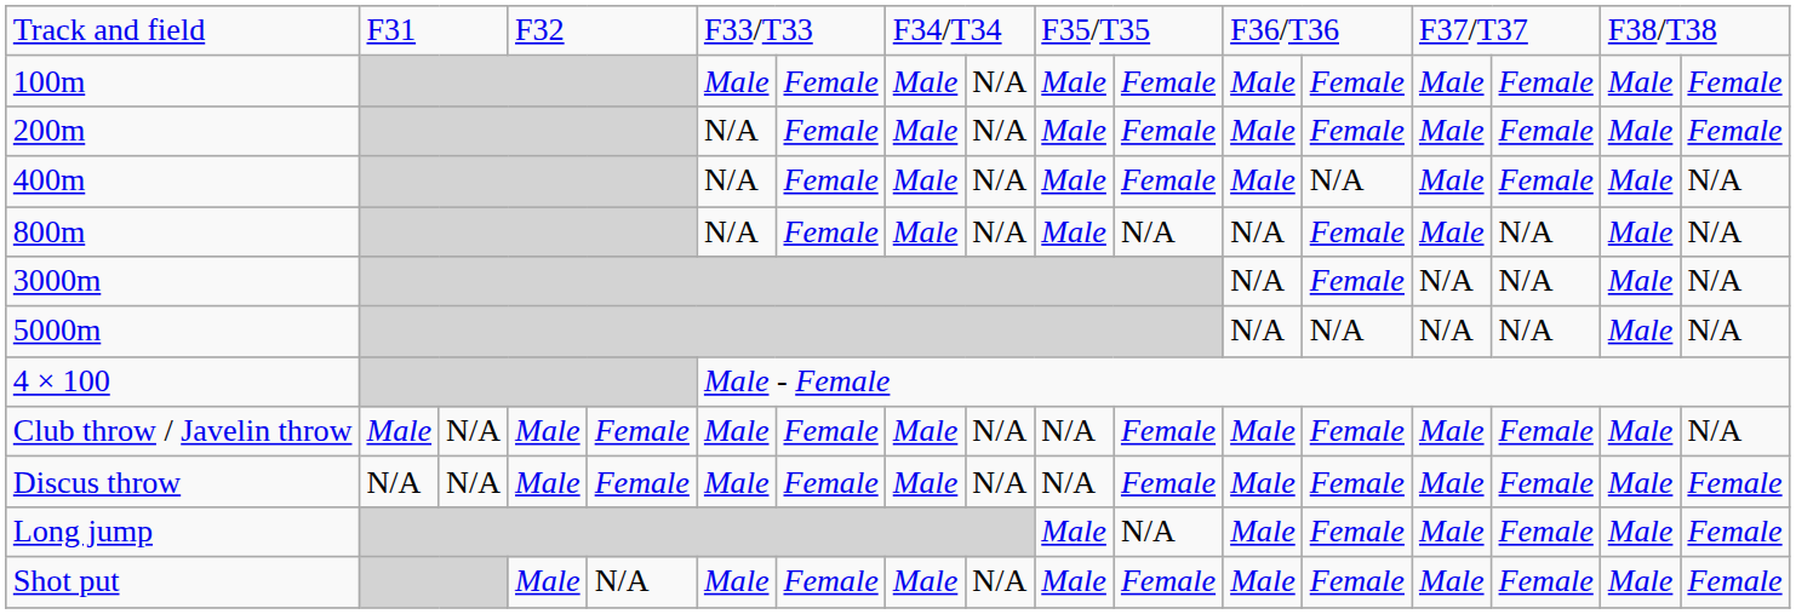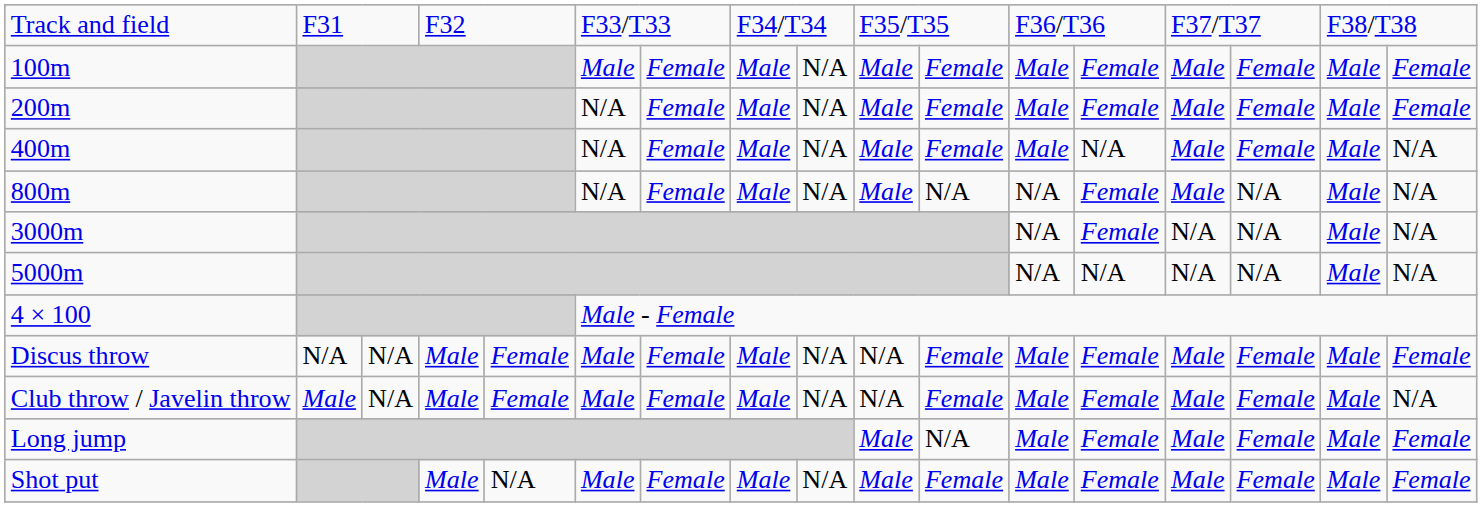 <table class="wikitable">
 <tr>
 <td><a href='#'>Track and field</a></td>
 <td colspan="2"><a href='#'>F31</a></td>
 <td colspan="2"><a href='#'>F32</a></td>
 <td colspan="2"><a href='#'>F33</a>/<a href='#'>T33</a></td>
 <td colspan="2"><a href='#'>F34</a>/<a href='#'>T34</a></td>
 <td colspan="2"><a href='#'>F35</a>/<a href='#'>T35</a></td>
 <td colspan="2"><a href='#'>F36</a>/<a href='#'>T36</a></td>
 <td colspan="2"><a href='#'>F37</a>/<a href='#'>T37</a></td>
 <td colspan="2"><a href='#'>F38</a>/<a href='#'>T38</a></td>
 </tr>
 <tr>
 <td><a href='#'>100m</a></td>
 <td colspan="4" style="background-color:lightgrey;"></td>
 <td><em><a href='#'>Male</a></em></td>
 <td><em><a href='#'>Female</a></em></td>
 <td><em><a href='#'>Male</a></em></td>
 <td>N/A</td>
 <td><em><a href='#'>Male</a></em></td>
 <td><em><a href='#'>Female</a></em></td>
 <td><em><a href='#'>Male</a></em></td>
 <td><em><a href='#'>Female</a></em></td>
 <td><em><a href='#'>Male</a></em></td>
 <td><em><a href='#'>Female</a></em></td>
 <td><em><a href='#'>Male</a></em></td>
 <td><em><a href='#'>Female</a></em></td>
 </tr>
 <tr>
 <td><a href='#'>200m</a></td>
 <td colspan="4" style="background-color:lightgrey;"></td>
 <td>N/A</td>
 <td><em><a href='#'>Female</a></em></td>
 <td><em><a href='#'>Male</a></em></td>
 <td>N/A</td>
 <td><em><a href='#'>Male</a></em></td>
 <td><em><a href='#'>Female</a></em></td>
 <td><em><a href='#'>Male</a></em></td>
 <td><em><a href='#'>Female</a></em></td>
 <td><em><a href='#'>Male</a></em></td>
 <td><em><a href='#'>Female</a></em></td>
 <td><em><a href='#'>Male</a></em></td>
 <td><em><a href='#'>Female</a></em></td>
 </tr>
 <tr>
 <td><a href='#'>400m</a></td>
 <td colspan="4" style="background-color:lightgrey;"></td>
 <td>N/A</td>
 <td><em><a href='#'>Female</a></em></td>
 <td><em><a href='#'>Male</a></em></td>
 <td>N/A</td>
 <td><em><a href='#'>Male</a></em></td>
 <td><em><a href='#'>Female</a></em></td>
 <td><em><a href='#'>Male</a></em></td>
 <td>N/A</td>
 <td><em><a href='#'>Male</a></em></td>
 <td><em><a href='#'>Female</a></em></td>
 <td><em><a href='#'>Male</a></em></td>
 <td>N/A</td>
 </tr>
 <tr>
 <td><a href='#'>800m</a></td>
 <td colspan="4" style="background-color:lightgrey;"></td>
 <td>N/A</td>
 <td><em><a href='#'>Female</a></em></td>
 <td><em><a href='#'>Male</a></em></td>
 <td>N/A</td>
 <td><em><a href='#'>Male</a></em></td>
 <td>N/A</td>
 <td>N/A</td>
 <td><em><a href='#'>Female</a></em></td>
 <td><em><a href='#'>Male</a></em></td>
 <td>N/A</td>
 <td><em><a href='#'>Male</a></em></td>
 <td>N/A</td>
 </tr>
 <tr>
 <td><a href='#'>3000m</a></td>
 <td colspan="10" style="background-color:lightgrey;"></td>
 <td>N/A</td>
 <td><em><a href='#'>Female</a></em></td>
 <td>N/A</td>
 <td>N/A</td>
 <td><em><a href='#'>Male</a></em></td>
 <td>N/A</td>
 </tr>
 <tr>
 <td><a href='#'>5000m</a></td>
 <td colspan="10" style="background-color:lightgrey;"></td>
 <td>N/A</td>
 <td>N/A</td>
 <td>N/A</td>
 <td>N/A</td>
 <td><em><a href='#'>Male</a></em></td>
 <td>N/A</td>
 </tr>
 <tr>
 <td><a href='#'>4 × 100</a></td>
 <td colspan="4" style="background-color:lightgrey;"></td>
 <td colspan="12"><em><a href='#'>Male</a></em> - <em><a href='#'>Female</a></em></td>
 </tr>
 <tr>
+<td><a href='#'>Discus throw</a></td>
+<td>N/A</td>
+<td>N/A</td>
+<td><em><a href='#'>Male</a></em></td>
+<td><em><a href='#'>Female</a></em></td>
+<td><em><a href='#'>Male</a></em></td>
+<td><em><a href='#'>Female</a></em></td>
+<td><em><a href='#'>Male</a></em></td>
+<td>N/A</td>
+<td>N/A</td>
+<td><em><a href='#'>Female</a></em></td>
+<td><em><a href='#'>Male</a></em></td>
+<td><em><a href='#'>Female</a></em></td>
+<td><em><a href='#'>Male</a></em></td>
+<td><em><a href='#'>Female</a></em></td>
+<td><em><a href='#'>Male</a></em></td>
+<td><em><a href='#'>Female</a></em></td>
+</tr>
+<tr>
 <td><a href='#'>Club throw</a> / <a href='#'>Javelin throw</a></td>
 <td><em><a href='#'>Male</a></em></td>
 <td>N/A</td>
 <td><em><a href='#'>Male</a></em></td>
 <td><em><a href='#'>Female</a></em></td>
 <td><em><a href='#'>Male</a></em></td>
 <td><em><a href='#'>Female</a></em></td>
 <td><em><a href='#'>Male</a></em></td>
 <td>N/A</td>
 <td>N/A</td>
 <td><em><a href='#'>Female</a></em></td>
 <td><em><a href='#'>Male</a></em></td>
 <td><em><a href='#'>Female</a></em></td>
 <td><em><a href='#'>Male</a></em></td>
 <td><em><a href='#'>Female</a></em></td>
 <td><em><a href='#'>Male</a></em></td>
 <td>N/A</td>
-</tr>
-<tr>
-<td><a href='#'>Discus throw</a></td>
-<td>N/A</td>
-<td>N/A</td>
-<td><em><a href='#'>Male</a></em></td>
-<td><em><a href='#'>Female</a></em></td>
-<td><em><a href='#'>Male</a></em></td>
-<td><em><a href='#'>Female</a></em></td>
-<td><em><a href='#'>Male</a></em></td>
-<td>N/A</td>
-<td>N/A</td>
-<td><em><a href='#'>Female</a></em></td>
-<td><em><a href='#'>Male</a></em></td>
-<td><em><a href='#'>Female</a></em></td>
-<td><em><a href='#'>Male</a></em></td>
-<td><em><a href='#'>Female</a></em></td>
-<td><em><a href='#'>Male</a></em></td>
-<td><em><a href='#'>Female</a></em></td>
 </tr>
 <tr>
 <td><a href='#'>Long jump</a></td>
 <td colspan="8" style="background-color:lightgrey;"></td>
 <td><em><a href='#'>Male</a></em></td>
 <td>N/A</td>
 <td><em><a href='#'>Male</a></em></td>
 <td><em><a href='#'>Female</a></em></td>
 <td><em><a href='#'>Male</a></em></td>
 <td><em><a href='#'>Female</a></em></td>
 <td><em><a href='#'>Male</a></em></td>
 <td><em><a href='#'>Female</a></em></td>
 </tr>
 <tr>
 <td><a href='#'>Shot put</a></td>
 <td colspan="2" style="background-color:lightgrey;"></td>
 <td><em><a href='#'>Male</a></em></td>
 <td>N/A</td>
 <td><em><a href='#'>Male</a></em></td>
 <td><em><a href='#'>Female</a></em></td>
 <td><em><a href='#'>Male</a></em></td>
 <td>N/A</td>
 <td><em><a href='#'>Male</a></em></td>
 <td><em><a href='#'>Female</a></em></td>
 <td><em><a href='#'>Male</a></em></td>
 <td><em><a href='#'>Female</a></em></td>
 <td><em><a href='#'>Male</a></em></td>
 <td><em><a href='#'>Female</a></em></td>
 <td><em><a href='#'>Male</a></em></td>
 <td><em><a href='#'>Female</a></em></td>
 </tr>
 </table>
